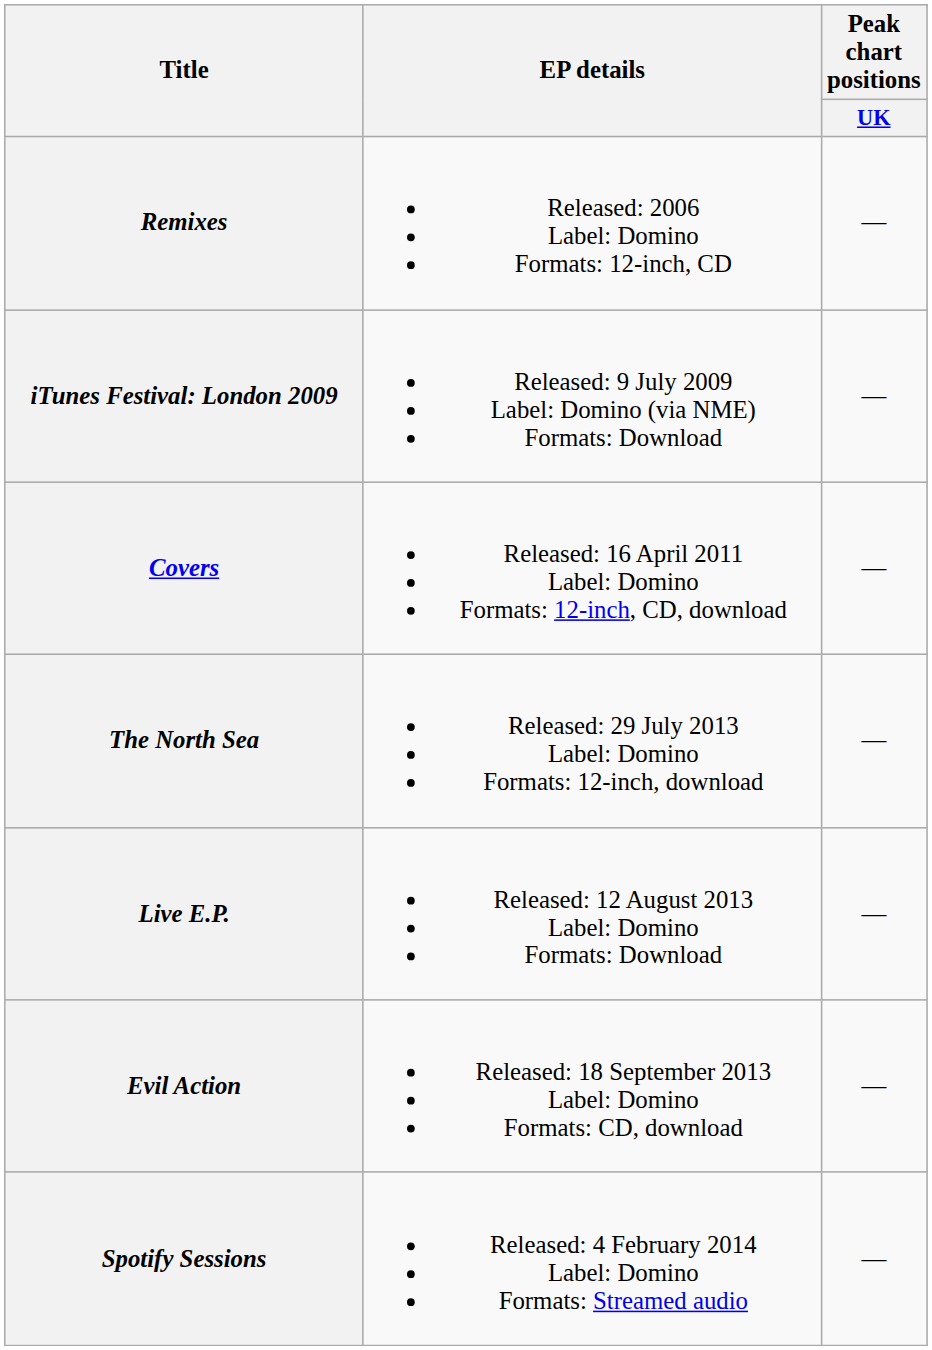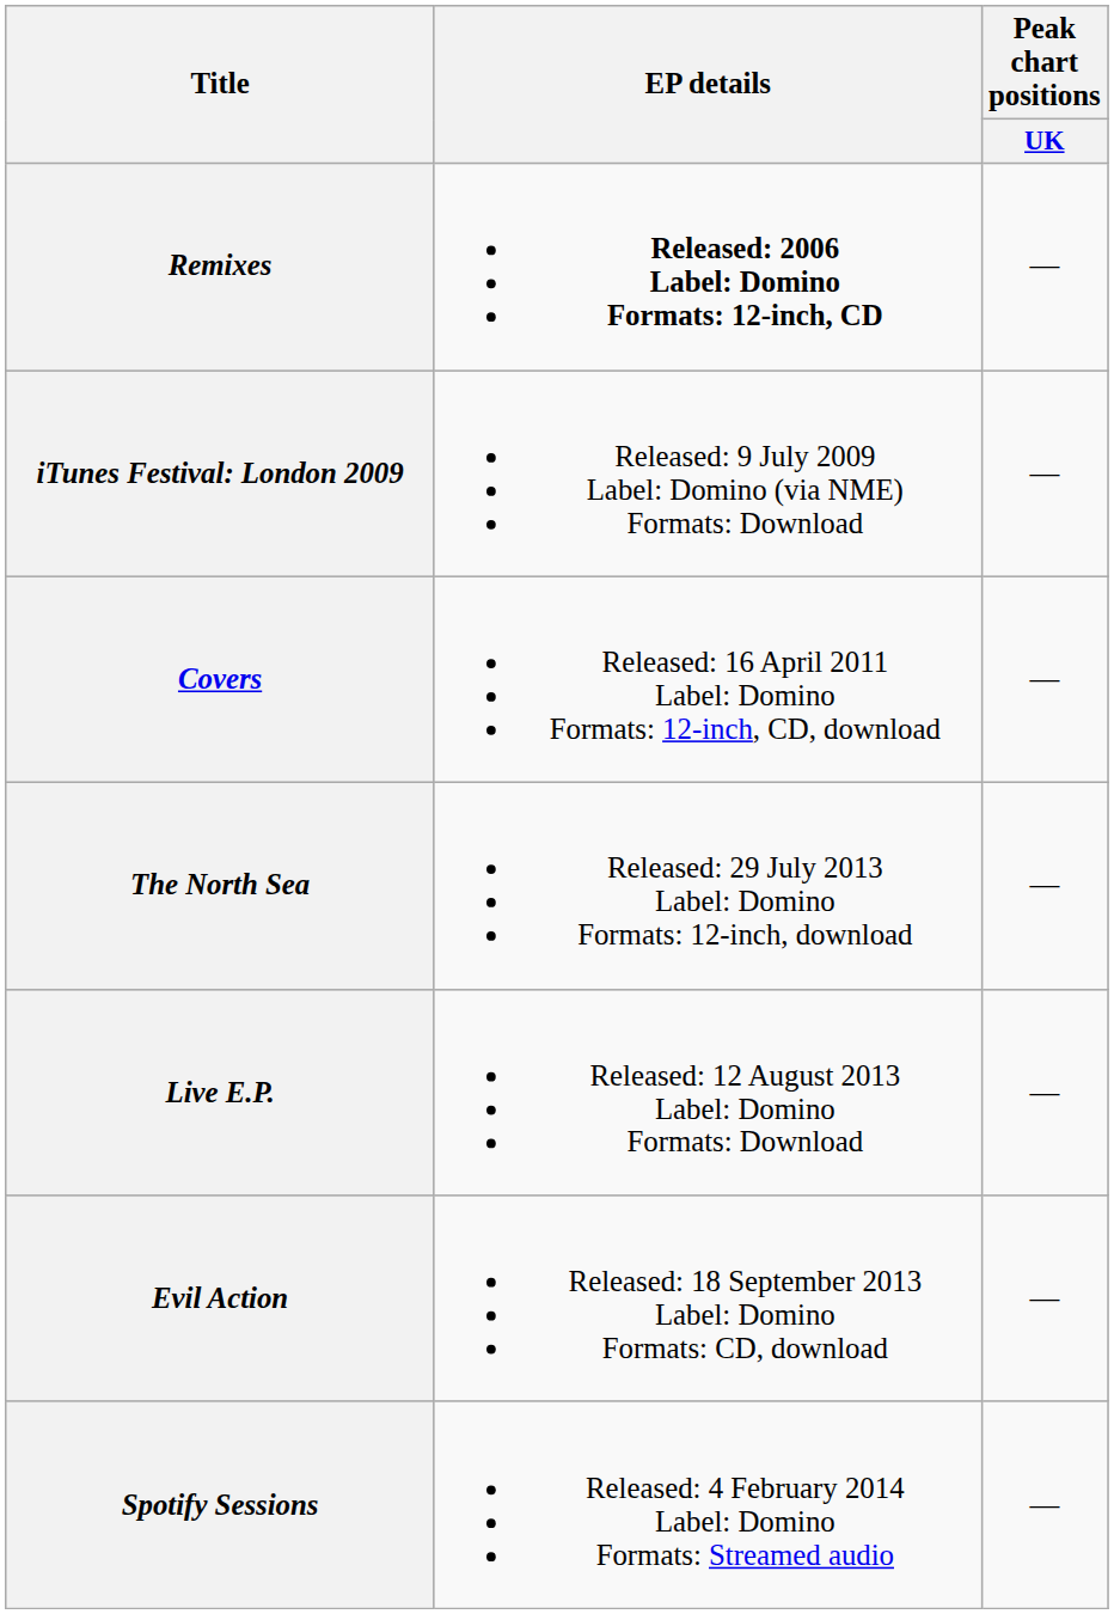 <table class="wikitable plainrowheaders" style="text-align:center;">
 <tr>
 <th scope="col" rowspan="2" style="width:14em;">Title</th>
 <th scope="col" rowspan="2" style="width:18em;">EP details</th>
 <th scope="col" colspan="10">Peak chart positions</th>
 </tr>
 <tr>
 <th scope="col" style="width:3em;font-size:90%;"><a href='#'>UK</a><br></th>
 </tr>
 <tr>
 <th scope="row"><em>Remixes</em></th>
-<td><br><ul><li>Released: 2006</li><li>Label: Domino</li><li>Formats: 12-inch, CD</li></ul></td>
+<td><strong><br><ul><li>Released: 2006</li><li>Label: Domino</li><li>Formats: 12-inch, CD</li></ul></strong></td>
 <td>—</td>
 </tr>
 <tr>
 <th scope="row"><em>iTunes Festival: London 2009</em></th>
 <td><br><ul><li>Released: 9 July 2009</li><li>Label: Domino (via NME)</li><li>Formats: Download</li></ul></td>
 <td>—</td>
 </tr>
 <tr>
 <th scope="row"><em><a href='#'>Covers</a></em></th>
 <td><br><ul><li>Released: 16 April 2011</li><li>Label: Domino</li><li>Formats: <a href='#'>12-inch</a>, CD, download</li></ul></td>
 <td>—</td>
 </tr>
 <tr>
 <th scope="row"><em>The North Sea</em></th>
 <td><br><ul><li>Released: 29 July 2013</li><li>Label: Domino</li><li>Formats: 12-inch, download</li></ul></td>
 <td>—</td>
 </tr>
 <tr>
 <th scope="row"><em>Live E.P.</em></th>
 <td><br><ul><li>Released: 12 August 2013</li><li>Label: Domino</li><li>Formats: Download</li></ul></td>
 <td>—</td>
 </tr>
 <tr>
 <th scope="row"><em>Evil Action</em></th>
 <td><br><ul><li>Released: 18 September 2013</li><li>Label: Domino</li><li>Formats: CD, download</li></ul></td>
 <td>—</td>
 </tr>
 <tr>
 <th scope="row"><em>Spotify Sessions</em></th>
 <td><br><ul><li>Released: 4 February 2014</li><li>Label: Domino</li><li>Formats: <a href='#'>Streamed audio</a></li></ul></td>
 <td>—</td>
 </tr>
 </table>
